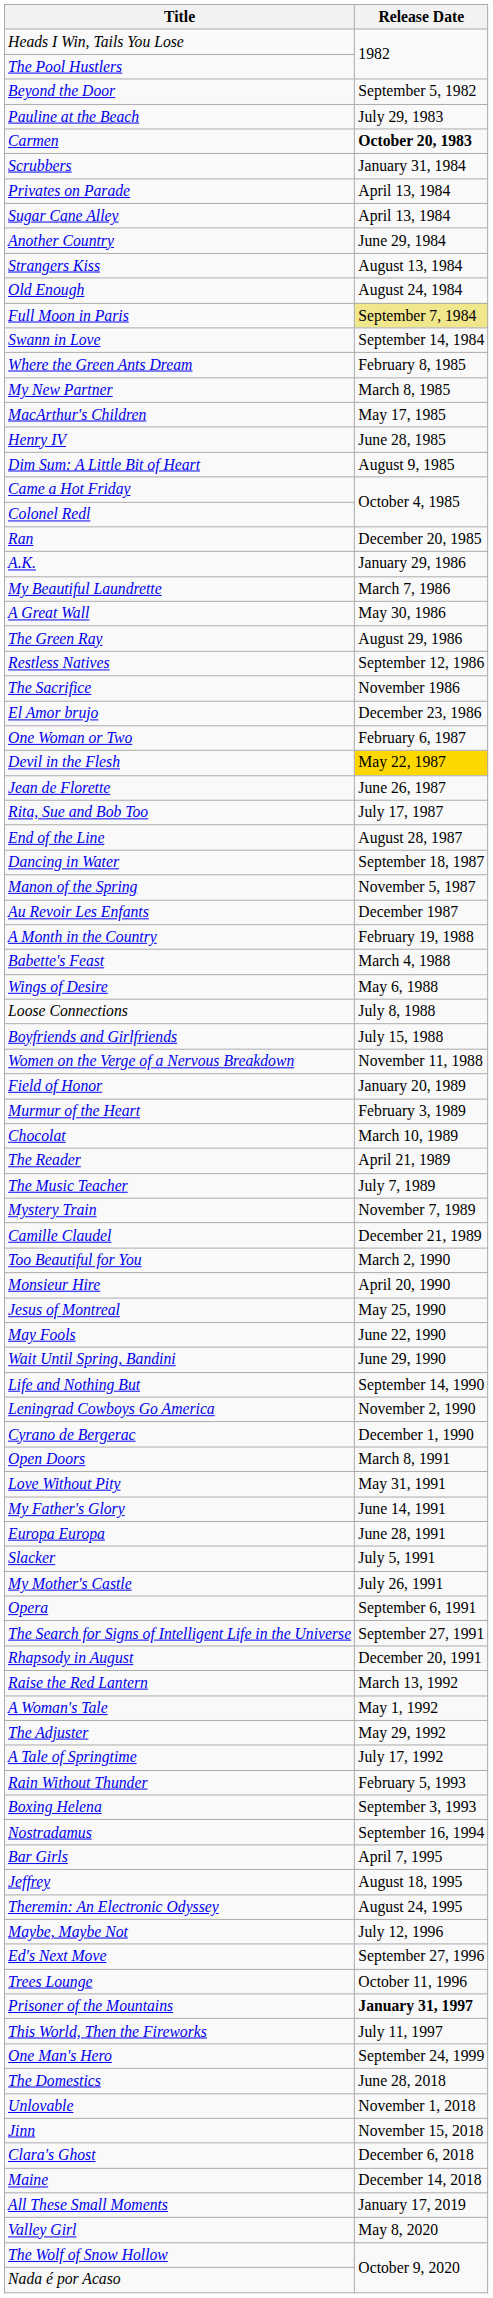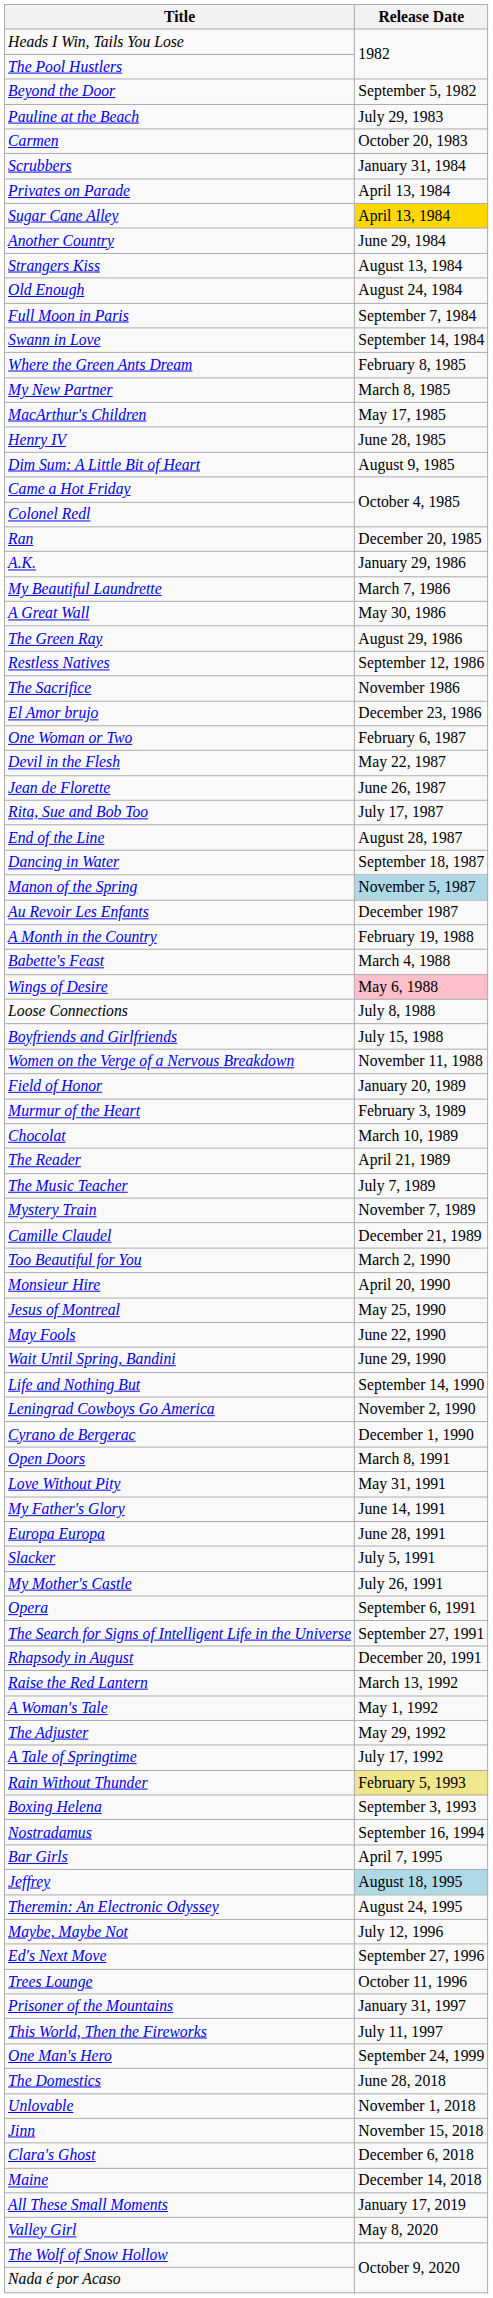 <table class="wikitable sortable">
 <tr>
 <th>Title</th>
 <th>Release Date</th>
 </tr>
 <tr>
 <td><em>Heads I Win, Tails You Lose</em></td>
 <td rowspan="2">1982</td>
 </tr>
 <tr>
 <td><em><a href='#'>The Pool Hustlers</a></em></td>
 </tr>
 <tr>
 <td><em><a href='#'>Beyond the Door</a></em></td>
 <td>September 5, 1982</td>
 </tr>
 <tr>
 <td><em><a href='#'>Pauline at the Beach</a></em></td>
 <td>July 29, 1983</td>
 </tr>
 <tr>
 <td><em><a href='#'>Carmen</a></em></td>
-<td><strong>October 20, 1983</strong></td>
+<td>October 20, 1983</td>
 </tr>
 <tr>
 <td><em><a href='#'>Scrubbers</a></em></td>
 <td>January 31, 1984</td>
 </tr>
 <tr>
 <td><em><a href='#'>Privates on Parade</a></em></td>
 <td>April 13, 1984</td>
 </tr>
 <tr>
 <td><em><a href='#'>Sugar Cane Alley</a></em></td>
-<td>April 13, 1984</td>
+<td style="background: gold;">April 13, 1984</td>
 </tr>
 <tr>
 <td><em><a href='#'>Another Country</a></em></td>
 <td>June 29, 1984</td>
 </tr>
 <tr>
 <td><em><a href='#'>Strangers Kiss</a></em></td>
 <td>August 13, 1984</td>
 </tr>
 <tr>
 <td><em><a href='#'>Old Enough</a></em></td>
 <td>August 24, 1984</td>
 </tr>
 <tr>
 <td><em><a href='#'>Full Moon in Paris</a></em></td>
-<td style="background: khaki;">September 7, 1984</td>
+<td>September 7, 1984</td>
 </tr>
 <tr>
 <td><em><a href='#'>Swann in Love</a></em></td>
 <td>September 14, 1984</td>
 </tr>
 <tr>
 <td><em><a href='#'>Where the Green Ants Dream</a></em></td>
 <td>February 8, 1985</td>
 </tr>
 <tr>
 <td><em><a href='#'>My New Partner</a></em></td>
 <td>March 8, 1985</td>
 </tr>
 <tr>
 <td><em><a href='#'>MacArthur's Children</a></em></td>
 <td>May 17, 1985</td>
 </tr>
 <tr>
 <td><em><a href='#'>Henry IV</a></em></td>
 <td>June 28, 1985</td>
 </tr>
 <tr>
 <td><em><a href='#'>Dim Sum: A Little Bit of Heart</a></em></td>
 <td>August 9, 1985</td>
 </tr>
 <tr>
 <td><em><a href='#'>Came a Hot Friday</a></em></td>
 <td rowspan="2">October 4, 1985</td>
 </tr>
 <tr>
 <td><em><a href='#'>Colonel Redl</a></em></td>
 </tr>
 <tr>
 <td><em><a href='#'>Ran</a></em></td>
 <td>December 20, 1985</td>
 </tr>
 <tr>
 <td><em><a href='#'>A.K.</a></em></td>
 <td>January 29, 1986</td>
 </tr>
 <tr>
 <td><em><a href='#'>My Beautiful Laundrette</a></em></td>
 <td>March 7, 1986</td>
 </tr>
 <tr>
 <td><em><a href='#'>A Great Wall</a></em></td>
 <td>May 30, 1986</td>
 </tr>
 <tr>
 <td><em><a href='#'>The Green Ray</a></em></td>
 <td>August 29, 1986</td>
 </tr>
 <tr>
 <td><em><a href='#'>Restless Natives</a></em></td>
 <td>September 12, 1986</td>
 </tr>
 <tr>
 <td><em><a href='#'>The Sacrifice</a></em></td>
 <td>November 1986</td>
 </tr>
 <tr>
 <td><em><a href='#'>El Amor brujo</a></em></td>
 <td>December 23, 1986</td>
 </tr>
 <tr>
 <td><em><a href='#'>One Woman or Two</a></em></td>
 <td>February 6, 1987</td>
 </tr>
 <tr>
 <td><em><a href='#'>Devil in the Flesh</a></em></td>
-<td style="background: gold;">May 22, 1987</td>
+<td>May 22, 1987</td>
 </tr>
 <tr>
 <td><em><a href='#'>Jean de Florette</a></em></td>
 <td>June 26, 1987</td>
 </tr>
 <tr>
 <td><em><a href='#'>Rita, Sue and Bob Too</a></em></td>
 <td>July 17, 1987</td>
 </tr>
 <tr>
 <td><em><a href='#'>End of the Line</a></em></td>
 <td>August 28, 1987</td>
 </tr>
 <tr>
 <td><em><a href='#'>Dancing in Water</a></em></td>
 <td>September 18, 1987</td>
 </tr>
 <tr>
 <td><em><a href='#'>Manon of the Spring</a></em></td>
-<td>November 5, 1987</td>
+<td style="background: lightblue;">November 5, 1987</td>
 </tr>
 <tr>
 <td><em><a href='#'>Au Revoir Les Enfants</a></em></td>
 <td>December 1987</td>
 </tr>
 <tr>
 <td><em><a href='#'>A Month in the Country</a></em></td>
 <td>February 19, 1988</td>
 </tr>
 <tr>
 <td><em><a href='#'>Babette's Feast</a></em></td>
 <td>March 4, 1988</td>
 </tr>
 <tr>
 <td><em><a href='#'>Wings of Desire</a></em></td>
-<td>May 6, 1988</td>
+<td style="background: pink;">May 6, 1988</td>
 </tr>
 <tr>
 <td><em>Loose Connections</em></td>
 <td>July 8, 1988</td>
 </tr>
 <tr>
 <td><em><a href='#'>Boyfriends and Girlfriends</a></em></td>
 <td>July 15, 1988</td>
 </tr>
 <tr>
 <td><em><a href='#'>Women on the Verge of a Nervous Breakdown</a></em></td>
 <td>November 11, 1988</td>
 </tr>
 <tr>
 <td><em><a href='#'>Field of Honor</a></em></td>
 <td>January 20, 1989</td>
 </tr>
 <tr>
 <td><em><a href='#'>Murmur of the Heart</a></em></td>
 <td>February 3, 1989</td>
 </tr>
 <tr>
 <td><em><a href='#'>Chocolat</a></em></td>
 <td>March 10, 1989</td>
 </tr>
 <tr>
 <td><em><a href='#'>The Reader</a></em></td>
 <td>April 21, 1989</td>
 </tr>
 <tr>
 <td><em><a href='#'>The Music Teacher</a></em></td>
 <td>July 7, 1989</td>
 </tr>
 <tr>
 <td><em><a href='#'>Mystery Train</a></em></td>
 <td>November 7, 1989</td>
 </tr>
 <tr>
 <td><em><a href='#'>Camille Claudel</a></em></td>
 <td>December 21, 1989</td>
 </tr>
 <tr>
 <td><em><a href='#'>Too Beautiful for You</a></em></td>
 <td>March 2, 1990</td>
 </tr>
 <tr>
 <td><em><a href='#'>Monsieur Hire</a></em></td>
 <td>April 20, 1990</td>
 </tr>
 <tr>
 <td><em><a href='#'>Jesus of Montreal</a></em></td>
 <td>May 25, 1990</td>
 </tr>
 <tr>
 <td><em><a href='#'>May Fools</a></em></td>
 <td>June 22, 1990</td>
 </tr>
 <tr>
 <td><em><a href='#'>Wait Until Spring, Bandini</a></em></td>
 <td>June 29, 1990</td>
 </tr>
 <tr>
 <td><em><a href='#'>Life and Nothing But</a></em></td>
 <td>September 14, 1990</td>
 </tr>
 <tr>
 <td><em><a href='#'>Leningrad Cowboys Go America</a></em></td>
 <td>November 2, 1990</td>
 </tr>
 <tr>
 <td><em><a href='#'>Cyrano de Bergerac</a></em></td>
 <td>December 1, 1990</td>
 </tr>
 <tr>
 <td><em><a href='#'>Open Doors</a></em></td>
 <td>March 8, 1991</td>
 </tr>
 <tr>
 <td><em><a href='#'>Love Without Pity</a></em></td>
 <td>May 31, 1991</td>
 </tr>
 <tr>
 <td><em><a href='#'>My Father's Glory</a></em></td>
 <td>June 14, 1991</td>
 </tr>
 <tr>
 <td><em><a href='#'>Europa Europa</a></em></td>
 <td>June 28, 1991</td>
 </tr>
 <tr>
 <td><em><a href='#'>Slacker</a></em></td>
 <td>July 5, 1991</td>
 </tr>
 <tr>
 <td><em><a href='#'>My Mother's Castle</a></em></td>
 <td>July 26, 1991</td>
 </tr>
 <tr>
 <td><em><a href='#'>Opera</a></em></td>
 <td>September 6, 1991</td>
 </tr>
 <tr>
 <td><em><a href='#'>The Search for Signs of Intelligent Life in the Universe</a></em></td>
 <td>September 27, 1991</td>
 </tr>
 <tr>
 <td><em><a href='#'>Rhapsody in August</a></em></td>
 <td>December 20, 1991</td>
 </tr>
 <tr>
 <td><em><a href='#'>Raise the Red Lantern</a></em></td>
 <td>March 13, 1992</td>
 </tr>
 <tr>
 <td><em><a href='#'>A Woman's Tale</a></em></td>
 <td>May 1, 1992</td>
 </tr>
 <tr>
 <td><em><a href='#'>The Adjuster</a></em></td>
 <td>May 29, 1992</td>
 </tr>
 <tr>
 <td><em><a href='#'>A Tale of Springtime</a></em></td>
 <td>July 17, 1992</td>
 </tr>
 <tr>
 <td><em><a href='#'>Rain Without Thunder</a></em></td>
-<td>February 5, 1993</td>
+<td style="background: khaki;">February 5, 1993</td>
 </tr>
 <tr>
 <td><em><a href='#'>Boxing Helena</a></em></td>
 <td>September 3, 1993</td>
 </tr>
 <tr>
 <td><em><a href='#'>Nostradamus</a></em></td>
 <td>September 16, 1994</td>
 </tr>
 <tr>
 <td><em><a href='#'>Bar Girls</a></em></td>
 <td>April 7, 1995</td>
 </tr>
 <tr>
 <td><em><a href='#'>Jeffrey</a></em></td>
-<td>August 18, 1995</td>
+<td style="background: lightblue;">August 18, 1995</td>
 </tr>
 <tr>
 <td><em><a href='#'>Theremin: An Electronic Odyssey</a></em></td>
 <td>August 24, 1995</td>
 </tr>
 <tr>
 <td><em><a href='#'>Maybe, Maybe Not</a></em></td>
 <td>July 12, 1996</td>
 </tr>
 <tr>
 <td><em><a href='#'>Ed's Next Move</a></em></td>
 <td>September 27, 1996</td>
 </tr>
 <tr>
 <td><em><a href='#'>Trees Lounge</a></em></td>
 <td>October 11, 1996</td>
 </tr>
 <tr>
 <td><em><a href='#'>Prisoner of the Mountains</a></em></td>
-<td><strong>January 31, 1997</strong></td>
+<td>January 31, 1997</td>
 </tr>
 <tr>
 <td><em><a href='#'>This World, Then the Fireworks</a></em></td>
 <td>July 11, 1997</td>
 </tr>
 <tr>
 <td><em><a href='#'>One Man's Hero</a></em></td>
 <td>September 24, 1999</td>
 </tr>
 <tr>
 <td><em><a href='#'>The Domestics</a></em></td>
 <td>June 28, 2018</td>
 </tr>
 <tr>
 <td><em><a href='#'>Unlovable</a></em></td>
 <td>November 1, 2018</td>
 </tr>
 <tr>
 <td><em><a href='#'>Jinn</a></em></td>
 <td>November 15, 2018</td>
 </tr>
 <tr>
 <td><em><a href='#'>Clara's Ghost</a></em></td>
 <td>December 6, 2018</td>
 </tr>
 <tr>
 <td><em><a href='#'>Maine</a></em></td>
 <td>December 14, 2018</td>
 </tr>
 <tr>
 <td><em><a href='#'>All These Small Moments</a></em></td>
 <td>January 17, 2019</td>
 </tr>
 <tr>
 <td><em><a href='#'>Valley Girl</a></em></td>
 <td>May 8, 2020</td>
 </tr>
 <tr>
 <td><em><a href='#'>The Wolf of Snow Hollow</a></em></td>
 <td rowspan="2">October 9, 2020</td>
 </tr>
 <tr>
 <td><em>Nada é por Acaso</em></td>
 </tr>
 </table>
